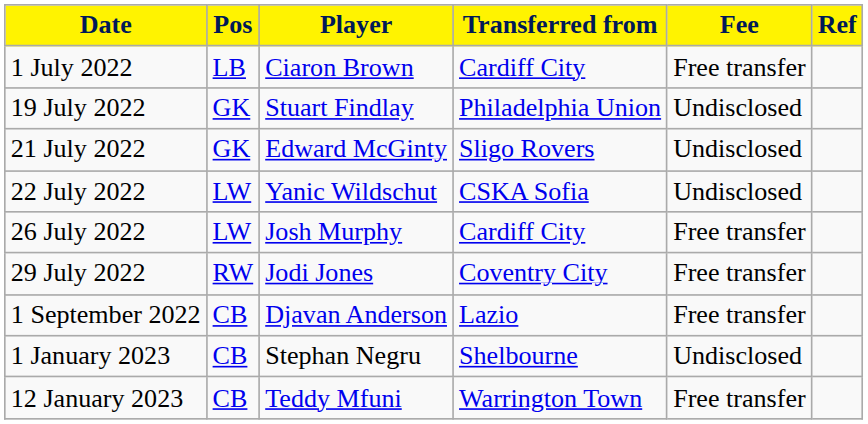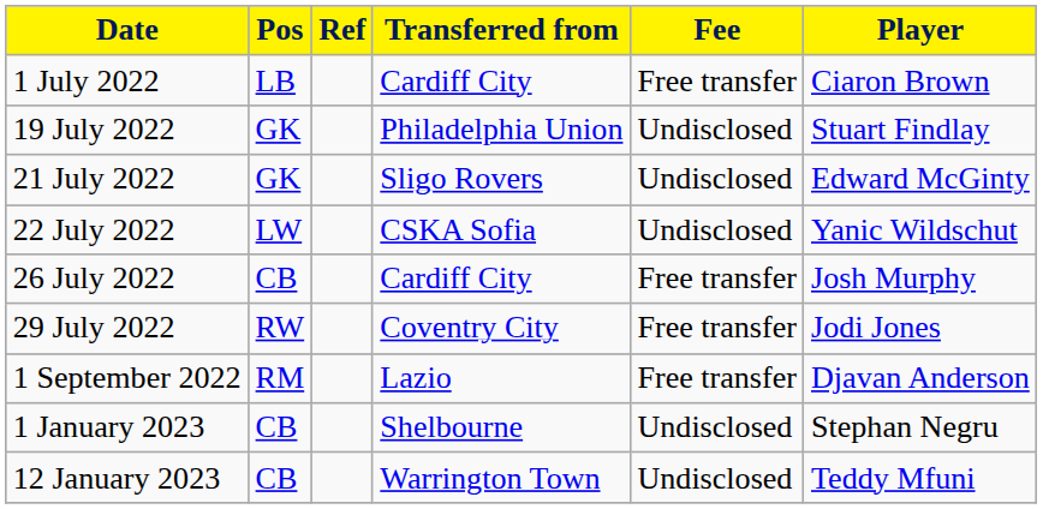 <table class="wikitable plainrowheaders sortable">
 <tr>
 <th style="background:#FFF300; color:#001958; ">Date</th>
 <th style="background:#FFF300; color:#001958; ">Pos</th>
-<th style="background:#FFF300; color:#001958; ">Player</th>
+<th style="background:#FFF300; color:#001958; ">Ref</th>
 <th style="background:#FFF300; color:#001958; ">Transferred from</th>
 <th style="background:#FFF300; color:#001958; ">Fee</th>
-<th style="background:#FFF300; color:#001958; ">Ref</th>
+<th style="background:#FFF300; color:#001958; ">Player</th>
 </tr>
 <tr>
 <td>1 July 2022</td>
 <td><a href='#'>LB</a></td>
-<td> <a href='#'>Ciaron Brown</a></td>
+<td></td>
 <td> <a href='#'>Cardiff City</a></td>
 <td>Free transfer</td>
-<td></td>
+<td> <a href='#'>Ciaron Brown</a></td>
 </tr>
 <tr>
 <td>19 July 2022</td>
 <td><a href='#'>GK</a></td>
-<td> <a href='#'>Stuart Findlay</a></td>
+<td></td>
 <td> <a href='#'>Philadelphia Union</a></td>
 <td>Undisclosed</td>
-<td></td>
+<td> <a href='#'>Stuart Findlay</a></td>
 </tr>
 <tr>
 <td>21 July 2022</td>
 <td><a href='#'>GK</a></td>
-<td> <a href='#'>Edward McGinty</a></td>
+<td></td>
 <td> <a href='#'>Sligo Rovers</a></td>
 <td>Undisclosed</td>
-<td></td>
+<td> <a href='#'>Edward McGinty</a></td>
 </tr>
 <tr>
 <td>22 July 2022</td>
 <td><a href='#'>LW</a></td>
-<td> <a href='#'>Yanic Wildschut</a></td>
+<td></td>
 <td> <a href='#'>CSKA Sofia</a></td>
 <td>Undisclosed</td>
-<td></td>
+<td> <a href='#'>Yanic Wildschut</a></td>
 </tr>
 <tr>
 <td>26 July 2022</td>
-<td><a href='#'>LW</a></td>
-<td> <a href='#'>Josh Murphy</a></td>
+<td><a href='#'>CB</a></td>
+<td></td>
 <td> <a href='#'>Cardiff City</a></td>
 <td>Free transfer</td>
-<td></td>
+<td> <a href='#'>Josh Murphy</a></td>
 </tr>
 <tr>
 <td>29 July 2022</td>
 <td><a href='#'>RW</a></td>
-<td> <a href='#'>Jodi Jones</a></td>
+<td></td>
 <td> <a href='#'>Coventry City</a></td>
 <td>Free transfer</td>
-<td></td>
+<td> <a href='#'>Jodi Jones</a></td>
 </tr>
 <tr>
 <td>1 September 2022</td>
-<td><a href='#'>CB</a></td>
-<td> <a href='#'>Djavan Anderson</a></td>
+<td><a href='#'>RM</a></td>
+<td></td>
 <td> <a href='#'>Lazio</a></td>
 <td>Free transfer</td>
-<td></td>
+<td> <a href='#'>Djavan Anderson</a></td>
 </tr>
 <tr>
 <td>1 January 2023</td>
 <td><a href='#'>CB</a></td>
-<td> Stephan Negru</td>
+<td></td>
 <td> <a href='#'>Shelbourne</a></td>
 <td>Undisclosed</td>
-<td></td>
+<td> Stephan Negru</td>
 </tr>
 <tr>
 <td>12 January 2023</td>
 <td><a href='#'>CB</a></td>
+<td></td>
+<td> <a href='#'>Warrington Town</a></td>
+<td>Undisclosed</td>
 <td> <a href='#'>Teddy Mfuni</a></td>
-<td> <a href='#'>Warrington Town</a></td>
-<td>Free transfer</td>
-<td></td>
 </tr>
 </table>
